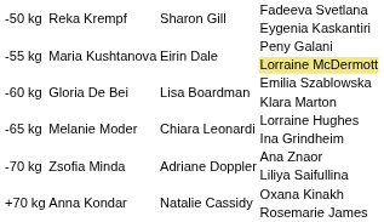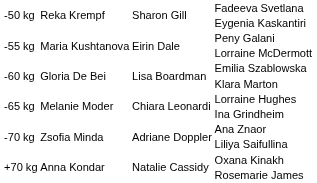 <table>
 <tr>
 <td rowspan=2>-50 kg<br></td>
 <td rowspan=2>Reka Krempf </td>
 <td rowspan=2>Sharon Gill </td>
 <td>Fadeeva Svetlana </td>
 </tr>
 <tr>
 <td>Eygenia Kaskantiri </td>
 </tr>
 <tr>
 <td rowspan=2>-55 kg<br></td>
 <td rowspan=2>Maria Kushtanova </td>
 <td rowspan=2>Eirin Dale </td>
 <td>Peny Galani </td>
 </tr>
 <tr>
-<td style="background: khaki;">Lorraine McDermott </td>
+<td>Lorraine McDermott </td>
 </tr>
 <tr>
 <td rowspan=2>-60 kg<br></td>
 <td rowspan=2>Gloria De Bei </td>
 <td rowspan=2>Lisa Boardman </td>
 <td>Emilia Szablowska </td>
 </tr>
 <tr>
 <td>Klara Marton </td>
 </tr>
 <tr>
 <td rowspan=2>-65 kg<br></td>
 <td rowspan=2>Melanie Moder </td>
 <td rowspan=2>Chiara Leonardi </td>
 <td>Lorraine Hughes </td>
 </tr>
 <tr>
 <td>Ina Grindheim </td>
 </tr>
 <tr>
 <td rowspan=2>-70 kg<br></td>
 <td rowspan=2>Zsofia Minda </td>
 <td rowspan=2>Adriane Doppler </td>
 <td>Ana Znaor </td>
 </tr>
 <tr>
 <td>Liliya Saifullina </td>
 </tr>
 <tr>
 <td rowspan=2>+70 kg<br></td>
 <td rowspan=2>Anna Kondar </td>
 <td rowspan=2>Natalie Cassidy </td>
 <td>Oxana Kinakh </td>
 </tr>
 <tr>
 <td>Rosemarie James </td>
 </tr>
 <tr>
 </tr>
 </table>
